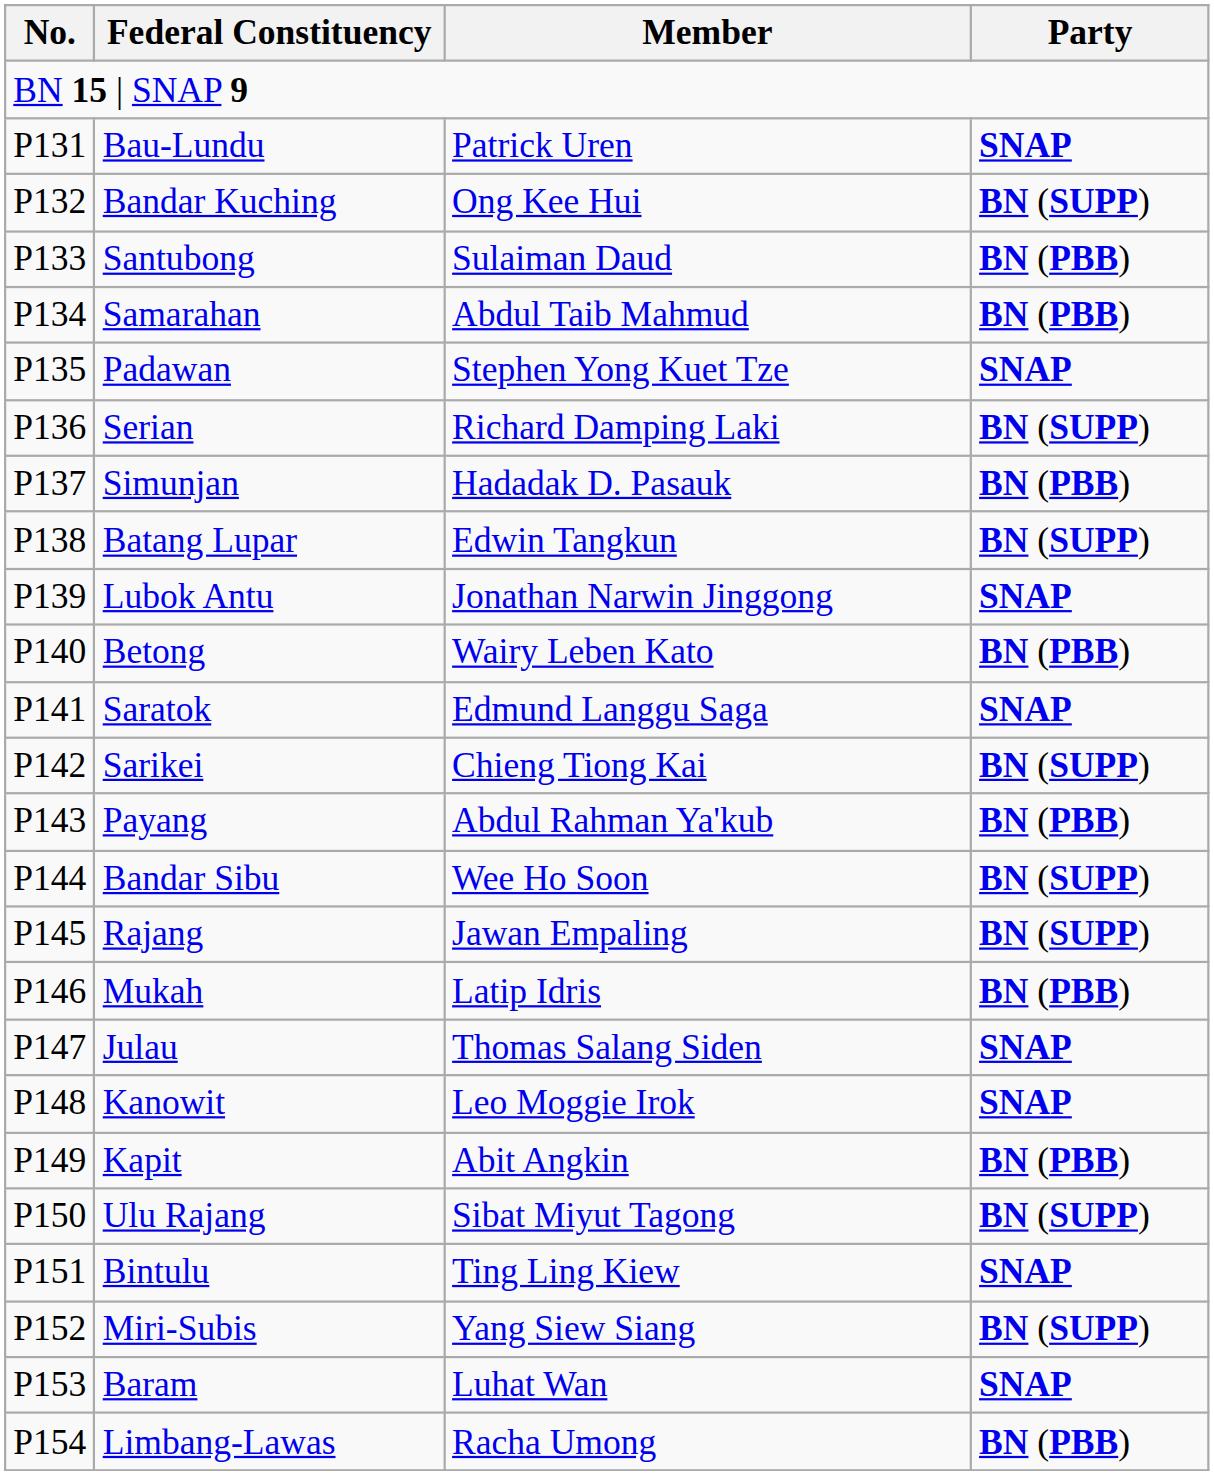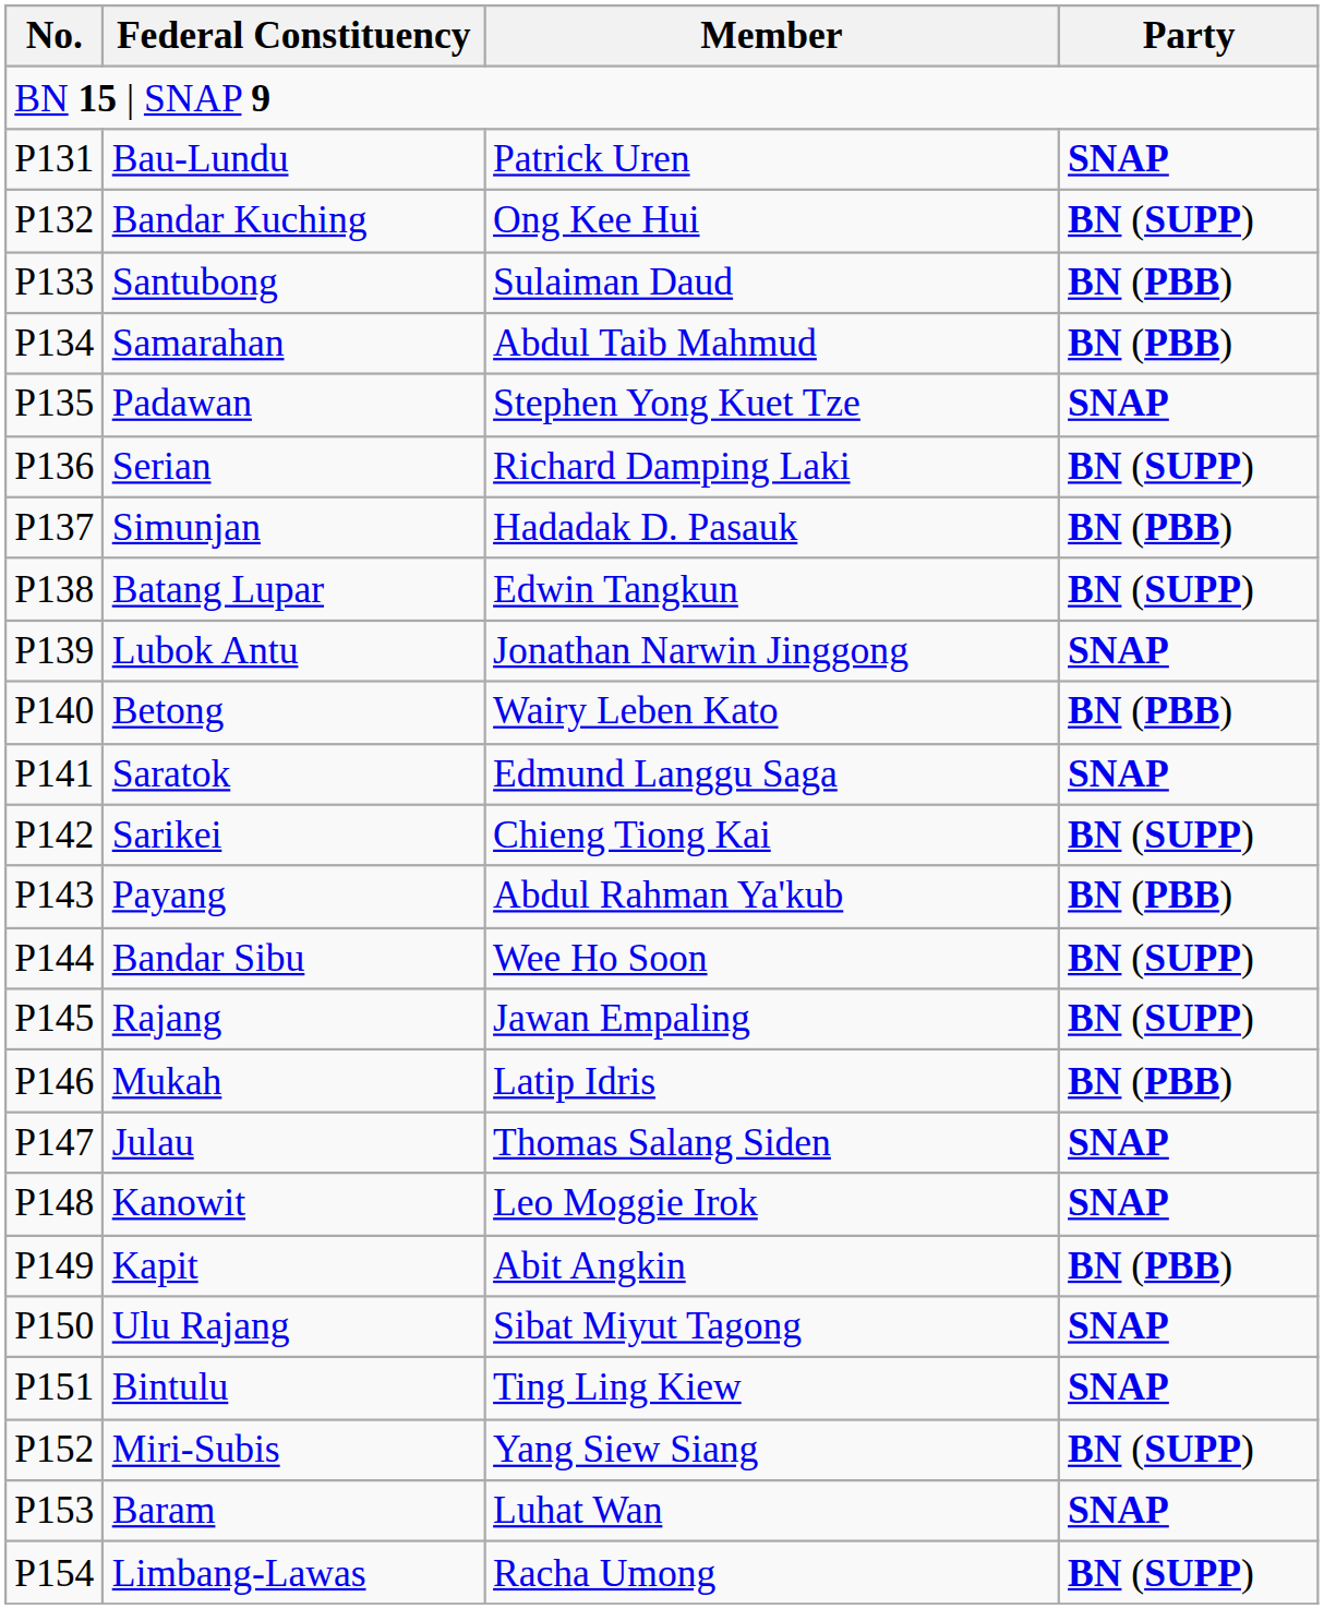 <table class="wikitable sortable">
 <tr>
 <th style="width:30px;">No.</th>
 <th style="width:150px;">Federal Constituency</th>
 <th style="width:230px;">Member</th>
 <th style="width:100px;">Party</th>
 </tr>
 <tr>
 <td colspan="4"><a href='#'>BN</a> <strong>15</strong> | <a href='#'>SNAP</a> <strong>9</strong></td>
 </tr>
 <tr>
 <td>P131</td>
 <td><a href='#'>Bau-Lundu</a></td>
 <td><a href='#'>Patrick Uren</a></td>
 <td><strong><a href='#'>SNAP</a></strong></td>
 </tr>
 <tr>
 <td>P132</td>
 <td><a href='#'>Bandar Kuching</a></td>
 <td><a href='#'>Ong Kee Hui</a></td>
 <td><strong><a href='#'>BN</a></strong> (<strong><a href='#'>SUPP</a></strong>)</td>
 </tr>
 <tr>
 <td>P133</td>
 <td><a href='#'>Santubong</a></td>
 <td><a href='#'>Sulaiman Daud</a></td>
 <td><strong><a href='#'>BN</a></strong> (<strong><a href='#'>PBB</a></strong>)</td>
 </tr>
 <tr>
 <td>P134</td>
 <td><a href='#'>Samarahan</a></td>
 <td><a href='#'>Abdul Taib Mahmud</a></td>
 <td><strong><a href='#'>BN</a></strong> (<strong><a href='#'>PBB</a></strong>)</td>
 </tr>
 <tr>
 <td>P135</td>
 <td><a href='#'>Padawan</a></td>
 <td><a href='#'>Stephen Yong Kuet Tze</a></td>
 <td><strong><a href='#'>SNAP</a></strong></td>
 </tr>
 <tr>
 <td>P136</td>
 <td><a href='#'>Serian</a></td>
 <td><a href='#'>Richard Damping Laki</a></td>
 <td><strong><a href='#'>BN</a></strong> (<strong><a href='#'>SUPP</a></strong>)</td>
 </tr>
 <tr>
 <td>P137</td>
 <td><a href='#'>Simunjan</a></td>
 <td><a href='#'>Hadadak D. Pasauk</a></td>
 <td><strong><a href='#'>BN</a></strong> (<strong><a href='#'>PBB</a></strong>)</td>
 </tr>
 <tr>
 <td>P138</td>
 <td><a href='#'>Batang Lupar</a></td>
 <td><a href='#'>Edwin Tangkun</a></td>
 <td><strong><a href='#'>BN</a></strong> (<strong><a href='#'>SUPP</a></strong>)</td>
 </tr>
 <tr>
 <td>P139</td>
 <td><a href='#'>Lubok Antu</a></td>
 <td><a href='#'>Jonathan Narwin Jinggong</a></td>
 <td><strong><a href='#'>SNAP</a></strong></td>
 </tr>
 <tr>
 <td>P140</td>
 <td><a href='#'>Betong</a></td>
 <td><a href='#'>Wairy Leben Kato</a></td>
 <td><strong><a href='#'>BN</a></strong> (<strong><a href='#'>PBB</a></strong>)</td>
 </tr>
 <tr>
 <td>P141</td>
 <td><a href='#'>Saratok</a></td>
 <td><a href='#'>Edmund Langgu Saga</a></td>
 <td><strong><a href='#'>SNAP</a></strong></td>
 </tr>
 <tr>
 <td>P142</td>
 <td><a href='#'>Sarikei</a></td>
 <td><a href='#'>Chieng Tiong Kai</a></td>
 <td><strong><a href='#'>BN</a></strong> (<strong><a href='#'>SUPP</a></strong>)</td>
 </tr>
 <tr>
 <td>P143</td>
 <td><a href='#'>Payang</a></td>
 <td><a href='#'>Abdul Rahman Ya'kub</a></td>
 <td><strong><a href='#'>BN</a></strong> (<strong><a href='#'>PBB</a></strong>)</td>
 </tr>
 <tr>
 <td>P144</td>
 <td><a href='#'>Bandar Sibu</a></td>
 <td><a href='#'>Wee Ho Soon</a></td>
 <td><strong><a href='#'>BN</a></strong> (<strong><a href='#'>SUPP</a></strong>)</td>
 </tr>
 <tr>
 <td>P145</td>
 <td><a href='#'>Rajang</a></td>
 <td><a href='#'>Jawan Empaling</a></td>
 <td><strong><a href='#'>BN</a></strong> (<strong><a href='#'>SUPP</a></strong>)</td>
 </tr>
 <tr>
 <td>P146</td>
 <td><a href='#'>Mukah</a></td>
 <td><a href='#'>Latip Idris</a></td>
 <td><strong><a href='#'>BN</a></strong> (<strong><a href='#'>PBB</a></strong>)</td>
 </tr>
 <tr>
 <td>P147</td>
 <td><a href='#'>Julau</a></td>
 <td><a href='#'>Thomas Salang Siden</a></td>
 <td><strong><a href='#'>SNAP</a></strong></td>
 </tr>
 <tr>
 <td>P148</td>
 <td><a href='#'>Kanowit</a></td>
 <td><a href='#'>Leo Moggie Irok</a></td>
 <td><strong><a href='#'>SNAP</a></strong></td>
 </tr>
 <tr>
 <td>P149</td>
 <td><a href='#'>Kapit</a></td>
 <td><a href='#'>Abit Angkin</a></td>
 <td><strong><a href='#'>BN</a></strong> (<strong><a href='#'>PBB</a></strong>)</td>
 </tr>
 <tr>
 <td>P150</td>
 <td><a href='#'>Ulu Rajang</a></td>
 <td><a href='#'>Sibat Miyut Tagong</a></td>
-<td><strong><a href='#'>BN</a></strong> (<strong><a href='#'>SUPP</a></strong>)</td>
+<td><strong><a href='#'>SNAP</a></strong></td>
 </tr>
 <tr>
 <td>P151</td>
 <td><a href='#'>Bintulu</a></td>
 <td><a href='#'>Ting Ling Kiew</a></td>
 <td><strong><a href='#'>SNAP</a></strong></td>
 </tr>
 <tr>
 <td>P152</td>
 <td><a href='#'>Miri-Subis</a></td>
 <td><a href='#'>Yang Siew Siang</a></td>
 <td><strong><a href='#'>BN</a></strong> (<strong><a href='#'>SUPP</a></strong>)</td>
 </tr>
 <tr>
 <td>P153</td>
 <td><a href='#'>Baram</a></td>
 <td><a href='#'>Luhat Wan</a></td>
 <td><strong><a href='#'>SNAP</a></strong></td>
 </tr>
 <tr>
 <td>P154</td>
 <td><a href='#'>Limbang-Lawas</a></td>
 <td><a href='#'>Racha Umong</a></td>
-<td><strong><a href='#'>BN</a></strong> (<strong><a href='#'>PBB</a></strong>)</td>
+<td><strong><a href='#'>BN</a></strong> (<strong><a href='#'>SUPP</a></strong>)</td>
 </tr>
 </table>
